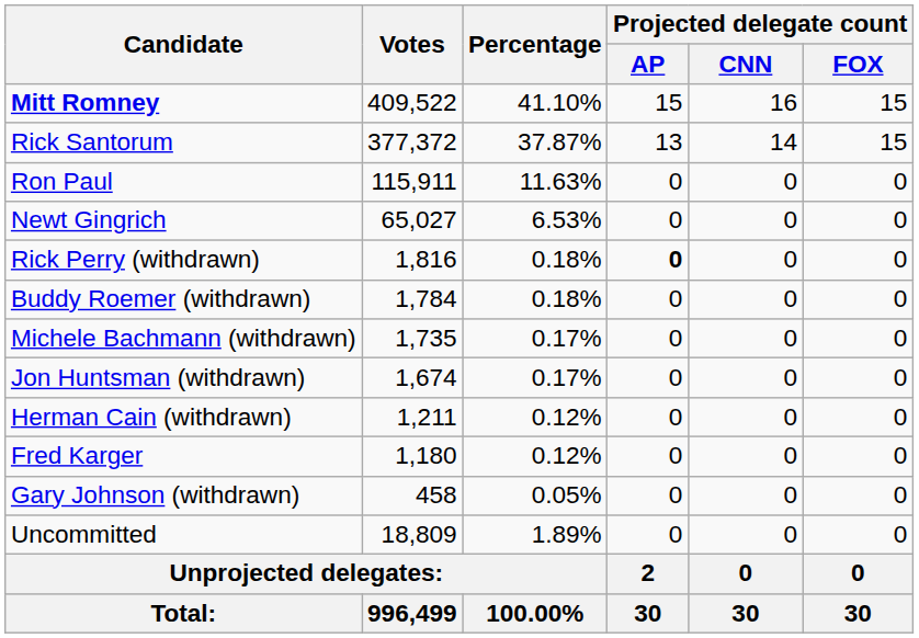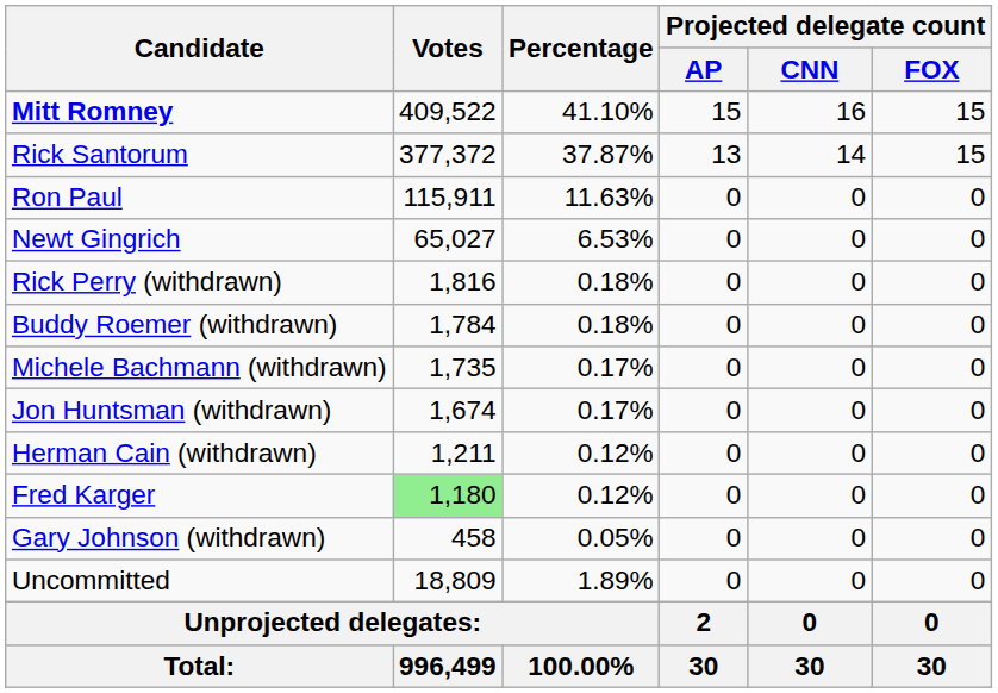 <table class="wikitable" style="text-align:right;">
 <tr>
 <th rowspan="2">Candidate</th>
 <th rowspan="2">Votes</th>
 <th rowspan="2">Percentage</th>
 <th colspan="3">Projected delegate count</th>
 </tr>
 <tr>
 <th><a href='#'>AP</a></th>
 <th><a href='#'>CNN</a><br></th>
 <th><a href='#'>FOX</a><br></th>
 </tr>
 <tr>
 <td style="text-align:left;"> <strong><a href='#'>Mitt Romney</a></strong></td>
 <td>409,522</td>
 <td>41.10%</td>
 <td>15</td>
 <td>16</td>
 <td>15</td>
 </tr>
 <tr>
 <td style="text-align:left;"><a href='#'>Rick Santorum</a></td>
 <td>377,372</td>
 <td>37.87%</td>
 <td>13</td>
 <td>14</td>
 <td>15</td>
 </tr>
 <tr>
 <td style="text-align:left;"><a href='#'>Ron Paul</a></td>
 <td>115,911</td>
 <td>11.63%</td>
 <td>0</td>
 <td>0</td>
 <td>0</td>
 </tr>
 <tr>
 <td style="text-align:left;"><a href='#'>Newt Gingrich</a></td>
 <td>65,027</td>
 <td>6.53%</td>
 <td>0</td>
 <td>0</td>
 <td>0</td>
 </tr>
 <tr>
 <td style="text-align:left;"><a href='#'>Rick Perry</a> (withdrawn)</td>
 <td>1,816</td>
 <td>0.18%</td>
-<td><strong>0</strong></td>
+<td>0</td>
 <td>0</td>
 <td>0</td>
 </tr>
 <tr>
 <td style="text-align:left;"><a href='#'>Buddy Roemer</a> (withdrawn)</td>
 <td>1,784</td>
 <td>0.18%</td>
 <td>0</td>
 <td>0</td>
 <td>0</td>
 </tr>
 <tr>
 <td style="text-align:left;"><a href='#'>Michele Bachmann</a> (withdrawn)</td>
 <td>1,735</td>
 <td>0.17%</td>
 <td>0</td>
 <td>0</td>
 <td>0</td>
 </tr>
 <tr>
 <td style="text-align:left;"><a href='#'>Jon Huntsman</a> (withdrawn)</td>
 <td>1,674</td>
 <td>0.17%</td>
 <td>0</td>
 <td>0</td>
 <td>0</td>
 </tr>
 <tr>
 <td style="text-align:left;"><a href='#'>Herman Cain</a> (withdrawn)</td>
 <td>1,211</td>
 <td>0.12%</td>
 <td>0</td>
 <td>0</td>
 <td>0</td>
 </tr>
 <tr>
 <td style="text-align:left;"><a href='#'>Fred Karger</a></td>
-<td>1,180</td>
+<td style="background: lightgreen;">1,180</td>
 <td>0.12%</td>
 <td>0</td>
 <td>0</td>
 <td>0</td>
 </tr>
 <tr>
 <td style="text-align:left;"><a href='#'>Gary Johnson</a> (withdrawn)</td>
 <td>458</td>
 <td>0.05%</td>
 <td>0</td>
 <td>0</td>
 <td>0</td>
 </tr>
 <tr>
 <td style="text-align:left;">Uncommitted</td>
 <td>18,809</td>
 <td>1.89%</td>
 <td>0</td>
 <td>0</td>
 <td>0</td>
 </tr>
 <tr style="background:#eee;">
 <th colspan="3">Unprojected delegates:</th>
 <th>2</th>
 <th>0</th>
 <th>0</th>
 </tr>
 <tr style="background:#eee;">
 <th>Total:</th>
 <th>996,499</th>
 <th>100.00%</th>
 <th>30</th>
 <th>30</th>
 <th>30</th>
 </tr>
 </table>
